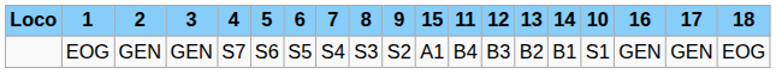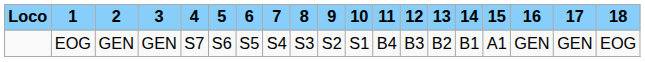 <table class="wikitable plainrowheaders unsortable" style="text-align:center">
 <tr>
 <th scope="col" rowspan="1" style="background:lightskyblue;">Loco</th>
 <th scope="col" rowspan="1" style="background:lightskyblue;">1</th>
 <th scope="col" rowspan="1" style="background:lightskyblue;">2</th>
 <th scope="col" rowspan="1" style="background:lightskyblue;">3</th>
 <th scope="col" rowspan="1" style="background:lightskyblue;">4</th>
 <th scope="col" rowspan="1" style="background:lightskyblue;">5</th>
 <th scope="col" rowspan="1" style="background:lightskyblue;">6</th>
 <th scope="col" rowspan="1" style="background:lightskyblue;">7</th>
 <th scope="col" rowspan="1" style="background:lightskyblue;">8</th>
 <th scope="col" rowspan="1" style="background:lightskyblue;">9</th>
-<th scope="col" rowspan="1" style="background:lightskyblue;">15</th>
+<th scope="col" rowspan="1" style="background:lightskyblue;">10</th>
 <th scope="col" rowspan="1" style="background:lightskyblue;">11</th>
 <th scope="col" rowspan="1" style="background:lightskyblue;">12</th>
 <th scope="col" rowspan="1" style="background:lightskyblue;">13</th>
 <th scope="col" rowspan="1" style="background:lightskyblue;">14</th>
-<th scope="col" rowspan="1" style="background:lightskyblue;">10</th>
+<th scope="col" rowspan="1" style="background:lightskyblue;">15</th>
 <th scope="col" rowspan="1" style="background:lightskyblue;">16</th>
 <th scope="col" rowspan="1" style="background:lightskyblue;">17</th>
 <th scope="col" rowspan="1" style="background:lightskyblue;">18</th>
 </tr>
 <tr>
 <td></td>
 <td>EOG</td>
 <td>GEN</td>
 <td>GEN</td>
 <td>S7</td>
 <td>S6</td>
 <td>S5</td>
 <td>S4</td>
 <td>S3</td>
 <td>S2</td>
-<td>A1</td>
+<td>S1</td>
 <td>B4</td>
 <td>B3</td>
 <td>B2</td>
 <td>B1</td>
-<td>S1</td>
+<td>A1</td>
 <td>GEN</td>
 <td>GEN</td>
 <td>EOG</td>
 </tr>
 </table>
